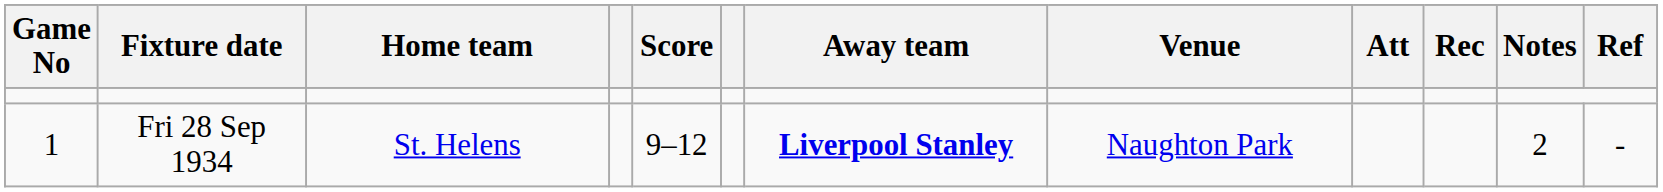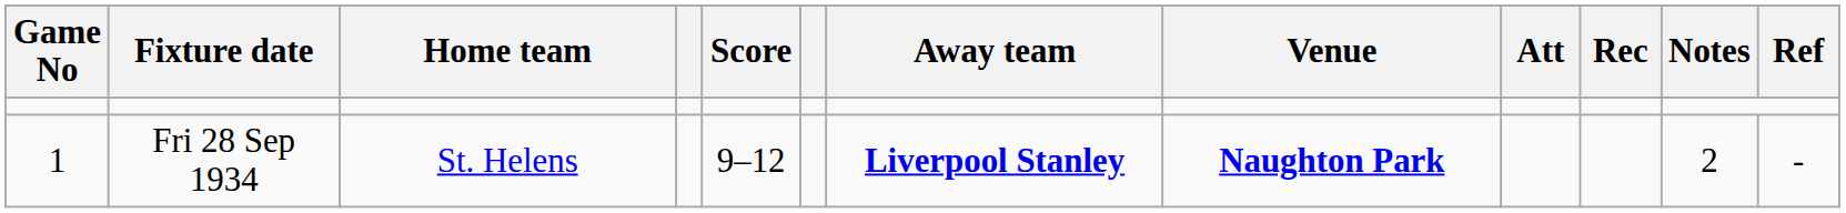 <table class="wikitable" style="text-align:center;">
 <tr>
 <th width=20 abbr="No">Game No</th>
 <th width=100 abbr="Date">Fixture date</th>
 <th width=150 abbr="Home team">Home team</th>
 <th width=5 abbr="space"></th>
 <th width=20 abbr="Score">Score</th>
 <th width=5 abbr="space"></th>
 <th width=150 abbr="Away team">Away team</th>
 <th width=150 abbr="Venue">Venue</th>
 <th width=30 abbr="Att">Att</th>
 <th width=30 abbr="Rec">Rec</th>
 <th width=20 abbr="Notes">Notes</th>
 <th width=30 abbr="Ref">Ref</th>
 </tr>
 <tr>
 <td></td>
 <td></td>
 <td></td>
 <td></td>
 <td></td>
 <td></td>
 <td></td>
 <td></td>
 <td></td>
 <td></td>
 </tr>
 <tr>
 <td>1</td>
 <td>Fri 28 Sep 1934</td>
 <td><a href='#'>St. Helens</a></td>
 <td></td>
 <td>9–12</td>
 <td></td>
 <td><strong><a href='#'>Liverpool Stanley</a></strong></td>
-<td><a href='#'>Naughton Park</a></td>
+<td><strong><a href='#'>Naughton Park</a></strong></td>
 <td></td>
 <td></td>
 <td>2</td>
 <td>-</td>
 </tr>
 </table>
